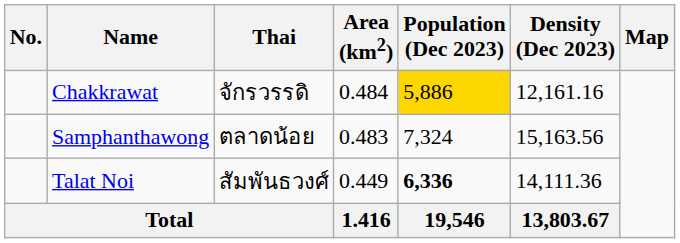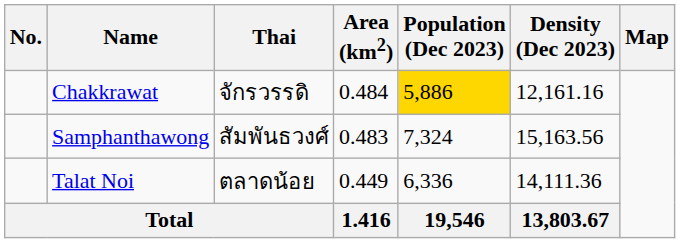 <table class="wikitable sortable">
 <tr>
 <th>No.</th>
 <th>Name</th>
 <th>Thai</th>
 <th>Area<br>(km<sup>2</sup>)</th>
 <th>Population<br>(Dec 2023)</th>
 <th>Density<br>(Dec 2023)</th>
 <th>Map</th>
 </tr>
 <tr>
 <td></td>
 <td><a href='#'>Chakkrawat</a></td>
 <td>จักรวรรดิ</td>
 <td><div>0.484</div></td>
 <td style="background: gold;"><div>5,886</div></td>
 <td><div>12,161.16</div></td>
 <td rowspan=4></td>
 </tr>
 <tr>
 <td></td>
 <td><a href='#'>Samphanthawong</a></td>
-<td>ตลาดน้อย</td>
+<td>สัมพันธวงศ์</td>
 <td><div>0.483</div></td>
 <td><div>7,324</div></td>
 <td><div>15,163.56</div></td>
 </tr>
 <tr>
 <td></td>
 <td><a href='#'>Talat Noi</a></td>
-<td>สัมพันธวงศ์</td>
+<td>ตลาดน้อย</td>
 <td><div>0.449</div></td>
-<td><strong><div>6,336</div></strong></td>
+<td><div>6,336</div></td>
 <td><div>14,111.36</div></td>
 </tr>
 <tr>
 <th colspan = 3>Total</th>
 <th><div>1.416</div></th>
 <th><div>19,546</div></th>
 <th><div>13,803.67</div></th>
 </tr>
 </table>
